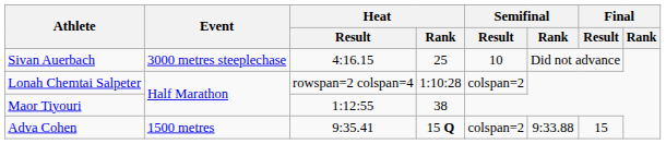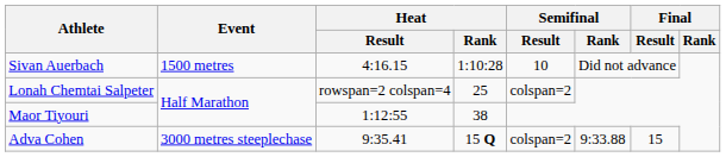 <table class="wikitable" style="font-size:90%; text-align:center;">
 <tr>
 <th rowspan=2>Athlete</th>
 <th rowspan=2>Event</th>
 <th colspan=2>Heat</th>
 <th colspan=2>Semifinal</th>
 <th colspan=2>Final</th>
 </tr>
 <tr style=font-size:95%>
 <th>Result</th>
 <th>Rank</th>
 <th>Result</th>
 <th>Rank</th>
 <th>Result</th>
 <th>Rank</th>
 </tr>
 <tr>
 <td align=left><a href='#'>Sivan Auerbach</a></td>
-<td align=left><a href='#'>3000 metres steeplechase</a></td>
+<td align=left><a href='#'>1500 metres</a></td>
 <td>4:16.15</td>
-<td>25</td>
+<td>1:10:28 </td>
 <td>10</td>
 <td colspan=2>Did not advance</td>
 </tr>
 <tr>
 <td align=left><a href='#'>Lonah Chemtai Salpeter</a></td>
 <td align=left rowspan=2><a href='#'>Half Marathon</a></td>
 <td>rowspan=2 colspan=4 </td>
-<td>1:10:28 </td>
+<td>25</td>
 <td>colspan=2 </td>
 </tr>
 <tr>
 <td align=left><a href='#'>Maor Tiyouri</a></td>
 <td>1:12:55</td>
 <td>38</td>
 </tr>
 <tr>
 <td align=left><a href='#'>Adva Cohen</a></td>
-<td align=left><a href='#'>1500 metres</a></td>
+<td align=left><a href='#'>3000 metres steeplechase</a></td>
 <td>9:35.41 </td>
 <td>15 <strong>Q</strong></td>
 <td>colspan=2 </td>
 <td>9:33.88 </td>
 <td>15</td>
 </tr>
 </table>
